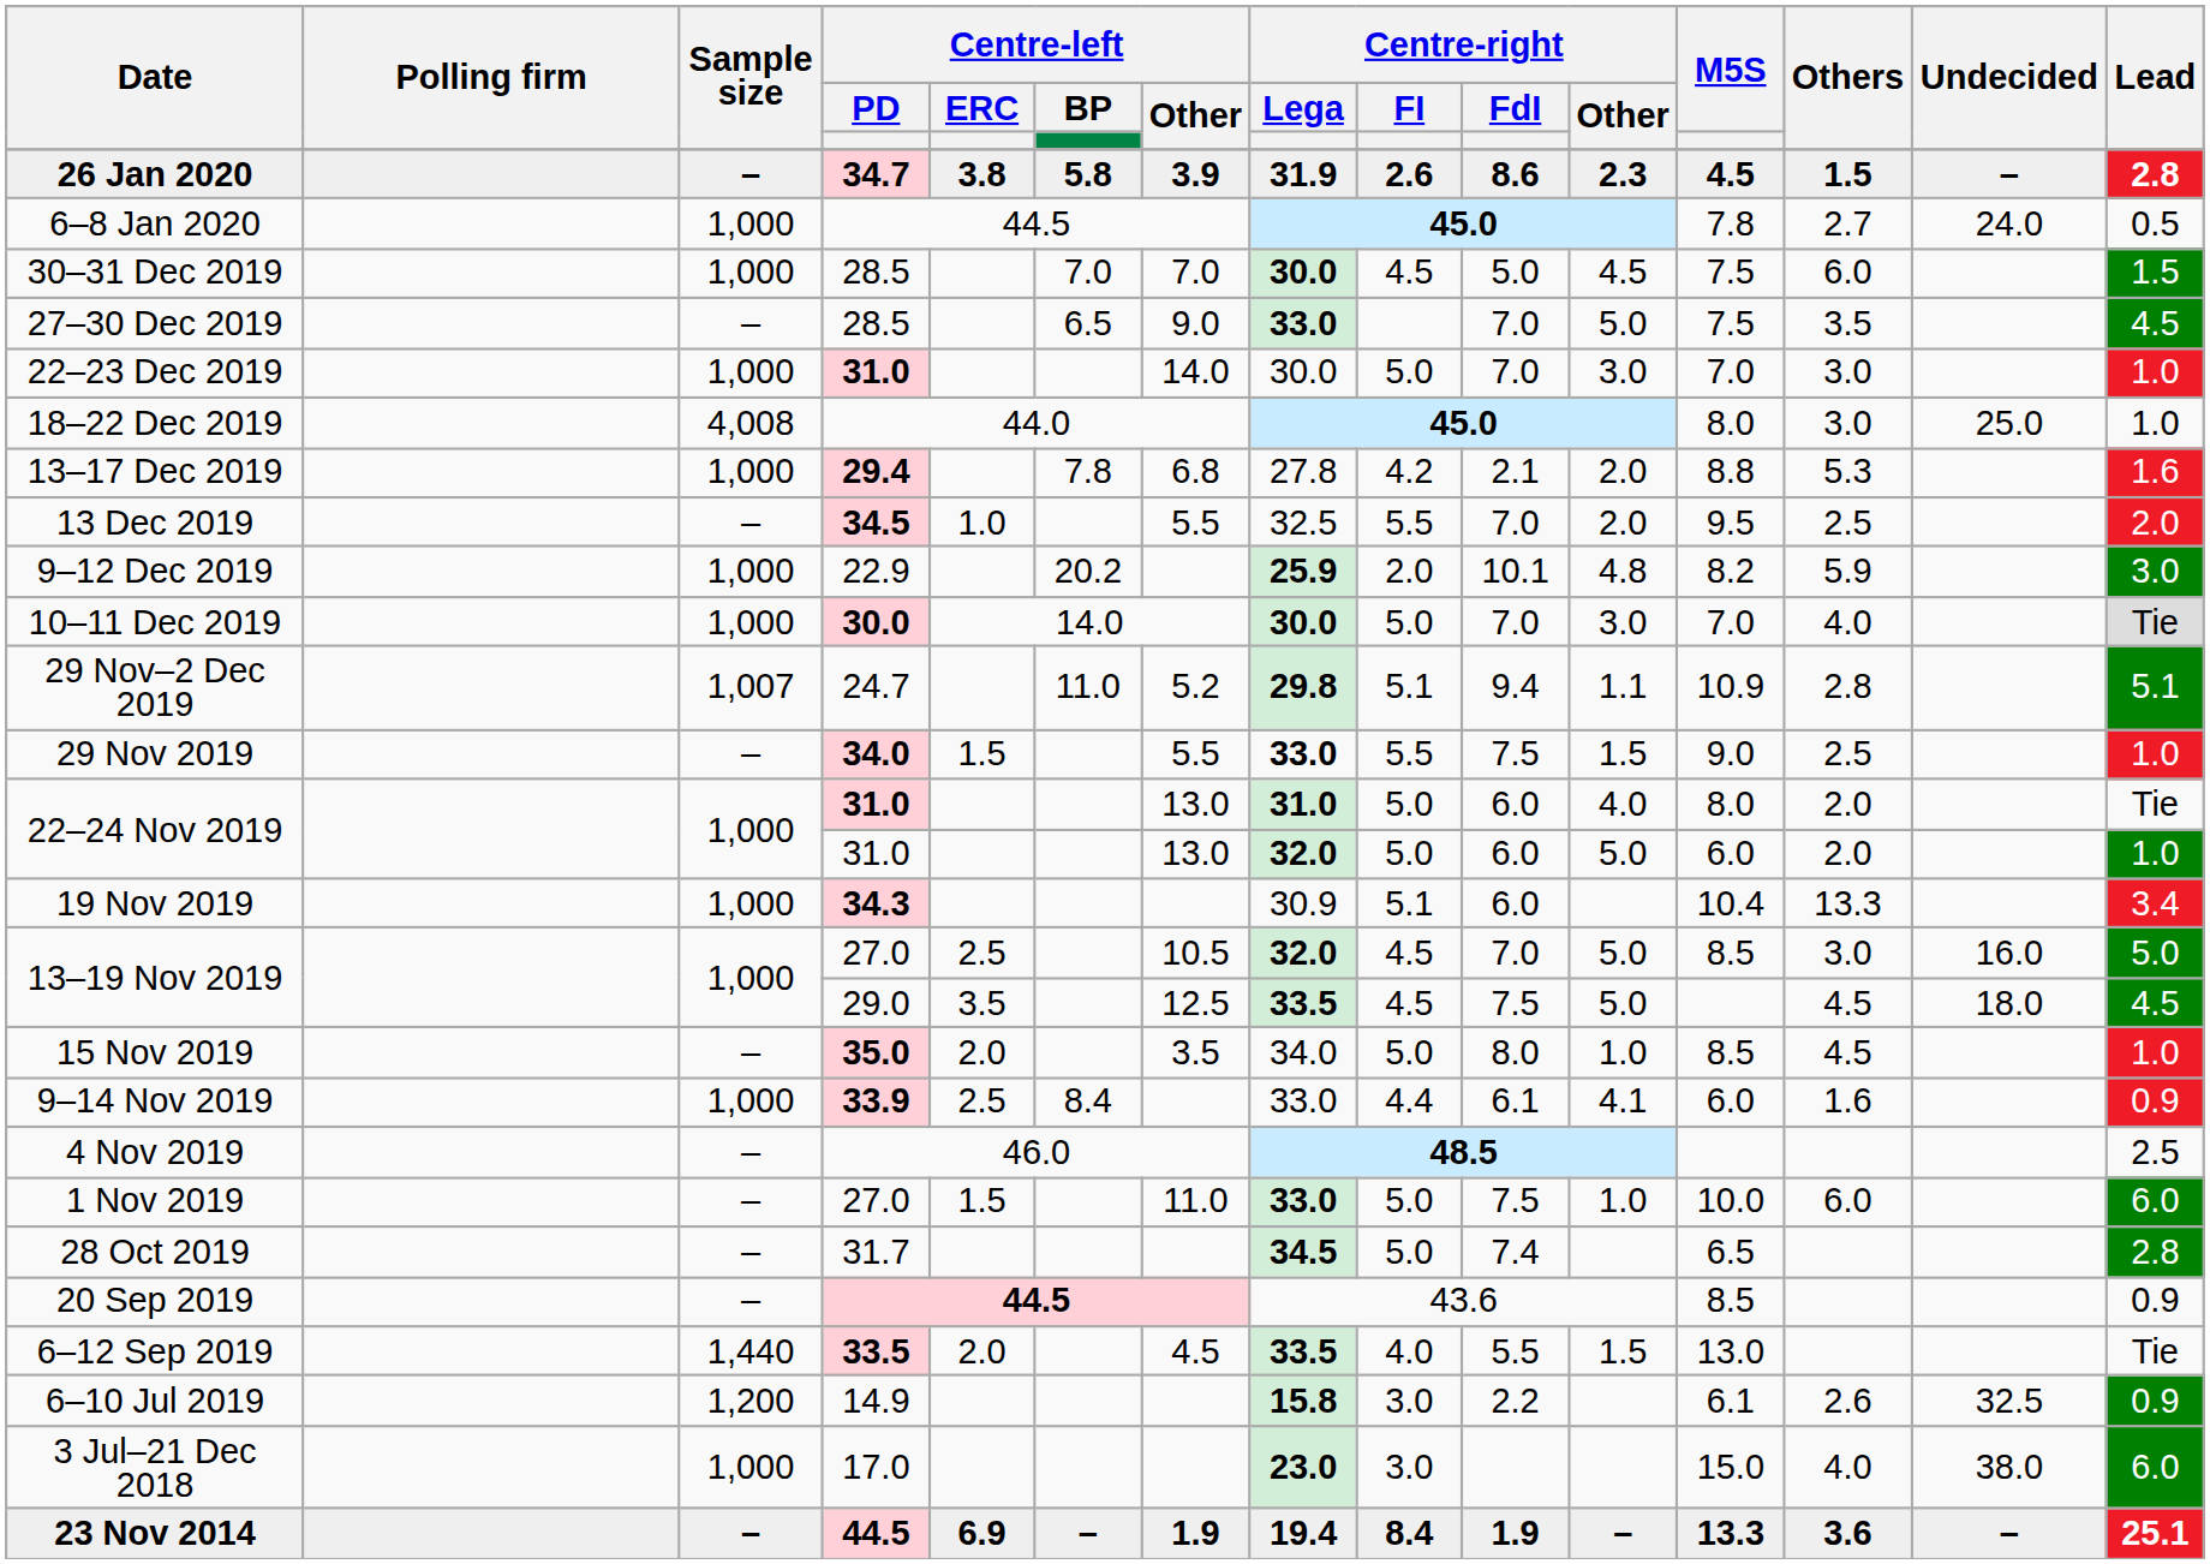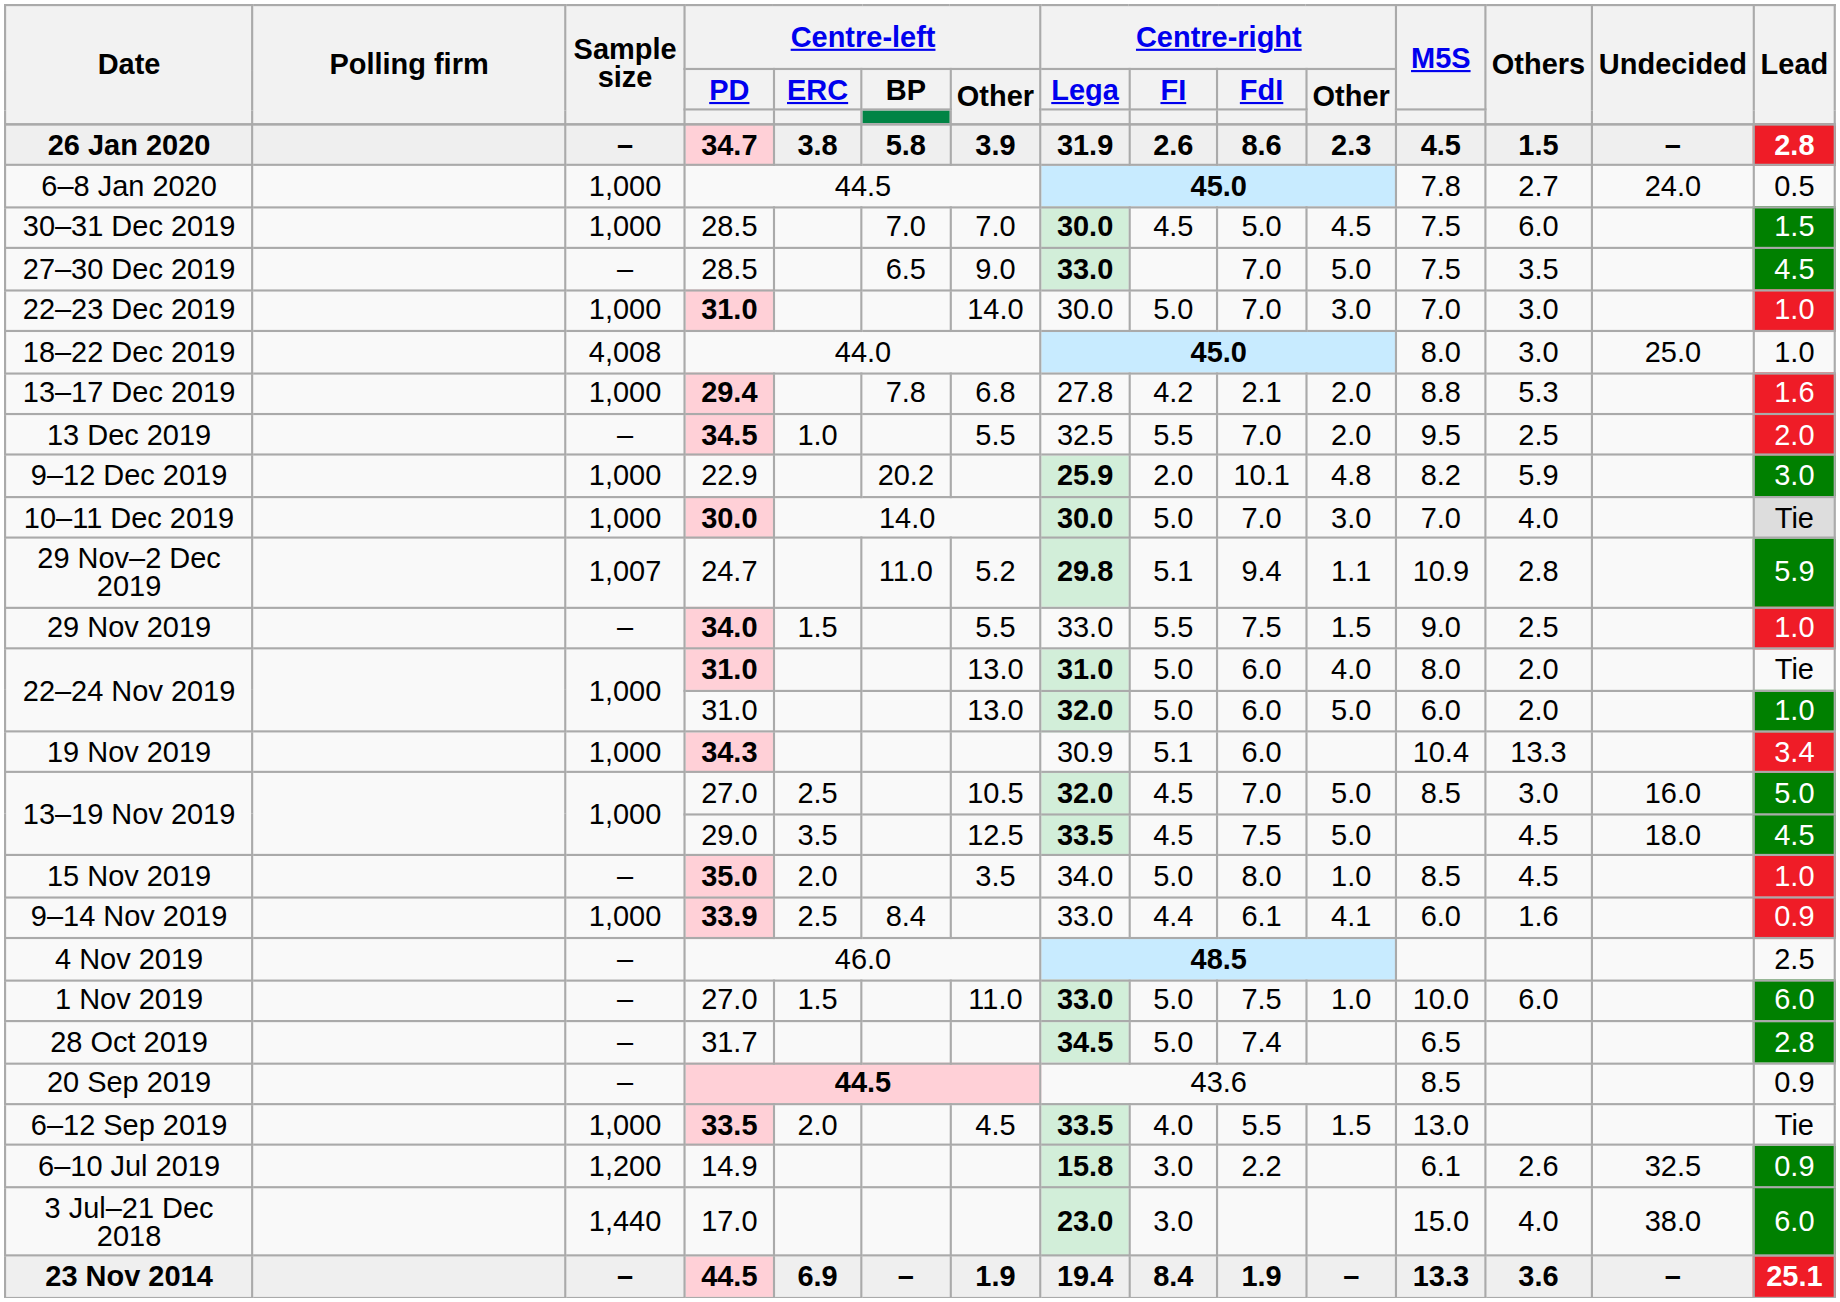 <table class="wikitable collapsible collapsed" style="text-align:center;font-size:85%;line-height:13px">
 <tr style="height:30px; background-color:#E9E9E9">
 <th style="width:110px;" rowspan="3">Date</th>
 <th style="width:140px;" rowspan="3">Polling firm</th>
 <th style="width:50px;" rowspan="3">Sample size</th>
 <th colspan="4" style="width:35px;"><a href='#'>Centre-left</a></th>
 <th colspan="4" style="width:35px;"><a href='#'>Centre-right</a></th>
 <th rowspan="2" style="width:35px;"><a href='#'>M5S</a></th>
 <th style="width:35px;" rowspan="3">Others</th>
 <th style="width:35px;" rowspan="3">Undecided</th>
 <th style="width:25px;" rowspan="3">Lead</th>
 </tr>
 <tr>
 <th style="width:35px;"><a href='#'>PD</a></th>
 <th style="width:35px;"><a href='#'>ERC</a></th>
 <th style="width:35px;">BP</th>
 <th rowspan="2" style="width:35px;">Other</th>
 <th style="width:35px;"><a href='#'>Lega</a></th>
 <th style="width:35px;"><a href='#'>FI</a></th>
 <th style="width:35px;"><a href='#'>FdI</a></th>
 <th rowspan="2" style="width:35px;">Other</th>
 </tr>
 <tr>
 <th style="background:"></th>
 <th style="background:"></th>
 <th style="background:#008445;"></th>
 <th style="background:"></th>
 <th style="background:"></th>
 <th style="background:"></th>
 <th style="background:"></th>
 </tr>
 <tr>
 </tr>
 <tr style="background:#EFEFEF; font-weight:bold;">
 <td>26 Jan 2020</td>
 <td> </td>
 <td>–</td>
 <td style="background:#FFD0D7"><strong>34.7</strong></td>
 <td>3.8</td>
 <td>5.8</td>
 <td>3.9</td>
 <td>31.9</td>
 <td>2.6</td>
 <td>8.6</td>
 <td>2.3</td>
 <td>4.5</td>
 <td>1.5</td>
 <td>–</td>
 <td style="background:#EF1C27; color:white;">2.8</td>
 </tr>
 <tr>
 <td>6–8 Jan 2020</td>
 <td></td>
 <td>1,000</td>
 <td colspan="4">44.5</td>
 <td colspan="4" style="background:#C8EBFF"><strong>45.0</strong></td>
 <td>7.8</td>
 <td>2.7</td>
 <td>24.0</td>
 <td style="background:">0.5</td>
 </tr>
 <tr>
 <td>30–31 Dec 2019</td>
 <td></td>
 <td>1,000</td>
 <td>28.5</td>
 <td></td>
 <td>7.0</td>
 <td>7.0</td>
 <td style="background:#D2EED9"><strong>30.0</strong></td>
 <td>4.5</td>
 <td>5.0</td>
 <td>4.5</td>
 <td>7.5</td>
 <td>6.0</td>
 <td></td>
 <td style="background:#008000; color:white;">1.5</td>
 </tr>
 <tr>
 <td>27–30 Dec 2019</td>
 <td></td>
 <td>–</td>
 <td>28.5</td>
 <td></td>
 <td>6.5</td>
 <td>9.0</td>
 <td style="background:#D2EED9"><strong>33.0</strong></td>
 <td></td>
 <td>7.0</td>
 <td>5.0</td>
 <td>7.5</td>
 <td>3.5</td>
 <td></td>
 <td style="background:#008000; color:white;">4.5</td>
 </tr>
 <tr>
 <td>22–23 Dec 2019</td>
 <td></td>
 <td>1,000</td>
 <td style="background:#FFD0D7"><strong>31.0</strong></td>
 <td></td>
 <td></td>
 <td>14.0</td>
 <td>30.0</td>
 <td>5.0</td>
 <td>7.0</td>
 <td>3.0</td>
 <td>7.0</td>
 <td>3.0</td>
 <td></td>
 <td style="background:#EF1C27; color:white;">1.0</td>
 </tr>
 <tr>
 <td>18–22 Dec 2019</td>
 <td></td>
 <td>4,008</td>
 <td colspan="4">44.0</td>
 <td colspan="4" style="background:#C8EBFF"><strong>45.0</strong></td>
 <td>8.0</td>
 <td>3.0</td>
 <td>25.0</td>
 <td style="background:">1.0</td>
 </tr>
 <tr>
 <td>13–17 Dec 2019</td>
 <td></td>
 <td>1,000</td>
 <td style="background:#FFD0D7"><strong>29.4</strong></td>
 <td></td>
 <td>7.8</td>
 <td>6.8</td>
 <td>27.8</td>
 <td>4.2</td>
 <td>2.1</td>
 <td>2.0</td>
 <td>8.8</td>
 <td>5.3</td>
 <td></td>
 <td style="background:#EF1C27; color:white;">1.6</td>
 </tr>
 <tr>
 <td>13 Dec 2019</td>
 <td> </td>
 <td>–</td>
 <td style="background:#FFD0D7"><strong>34.5</strong></td>
 <td>1.0</td>
 <td></td>
 <td>5.5</td>
 <td>32.5</td>
 <td>5.5</td>
 <td>7.0</td>
 <td>2.0</td>
 <td>9.5</td>
 <td>2.5</td>
 <td></td>
 <td style="background:#EF1C27; color:white;">2.0</td>
 </tr>
 <tr>
 <td>9–12 Dec 2019</td>
 <td></td>
 <td>1,000</td>
 <td>22.9</td>
 <td></td>
 <td>20.2</td>
 <td></td>
 <td style="background:#D2EED9"><strong>25.9</strong></td>
 <td>2.0</td>
 <td>10.1</td>
 <td>4.8</td>
 <td>8.2</td>
 <td>5.9</td>
 <td></td>
 <td style="background:#008000; color:white;">3.0</td>
 </tr>
 <tr>
 <td>10–11 Dec 2019</td>
 <td></td>
 <td>1,000</td>
 <td style="background:#FFD0D7"><strong>30.0</strong></td>
 <td colspan="3">14.0</td>
 <td style="background:#D2EED9"><strong>30.0</strong></td>
 <td>5.0</td>
 <td>7.0</td>
 <td>3.0</td>
 <td>7.0</td>
 <td>4.0</td>
 <td></td>
 <td style="background:#dddddd; color:black;">Tie</td>
 </tr>
 <tr>
 <td>29 Nov–2 Dec 2019</td>
 <td></td>
 <td>1,007</td>
 <td>24.7</td>
 <td></td>
 <td>11.0</td>
 <td>5.2</td>
 <td style="background:#D2EED9"><strong>29.8</strong></td>
 <td>5.1</td>
 <td>9.4</td>
 <td>1.1</td>
 <td>10.9</td>
 <td>2.8</td>
 <td></td>
-<td style="background:#008000; color:white;">5.1</td>
+<td style="background:#008000; color:white;">5.9</td>
 </tr>
 <tr>
 <td>29 Nov 2019</td>
 <td></td>
 <td>–</td>
 <td style="background:#FFD0D7"><strong>34.0</strong></td>
 <td>1.5</td>
 <td></td>
 <td>5.5</td>
-<td><strong>33.0</strong></td>
+<td>33.0</td>
 <td>5.5</td>
 <td>7.5</td>
 <td>1.5</td>
 <td>9.0</td>
 <td>2.5</td>
 <td></td>
 <td style="background:#EF1C27; color:white;">1.0</td>
 </tr>
 <tr>
 <td rowspan="2">22–24 Nov 2019</td>
 <td rowspan="2"></td>
 <td rowspan="2">1,000</td>
 <td style="background:#FFD0D7"><strong>31.0</strong></td>
 <td></td>
 <td></td>
 <td>13.0</td>
 <td style="background:#D2EED9"><strong>31.0</strong></td>
 <td>5.0</td>
 <td>6.0</td>
 <td>4.0</td>
 <td>8.0</td>
 <td>2.0</td>
 <td></td>
 <td>Tie</td>
 </tr>
 <tr>
 <td>31.0</td>
 <td></td>
 <td></td>
 <td>13.0</td>
 <td style="background:#D2EED9"><strong>32.0</strong></td>
 <td>5.0</td>
 <td>6.0</td>
 <td>5.0</td>
 <td>6.0</td>
 <td>2.0</td>
 <td></td>
 <td style="background:#008000; color:white;">1.0</td>
 </tr>
 <tr>
 <td>19 Nov 2019</td>
 <td></td>
 <td>1,000</td>
 <td style="background:#FFD0D7"><strong>34.3</strong></td>
 <td></td>
 <td></td>
 <td></td>
 <td>30.9</td>
 <td>5.1</td>
 <td>6.0</td>
 <td></td>
 <td>10.4</td>
 <td>13.3</td>
 <td></td>
 <td style="background:#EF1C27; color:white;">3.4</td>
 </tr>
 <tr>
 <td rowspan="2">13–19 Nov 2019</td>
 <td rowspan="2"></td>
 <td rowspan="2">1,000</td>
 <td>27.0</td>
 <td>2.5</td>
 <td></td>
 <td>10.5</td>
 <td style="background:#D2EED9"><strong>32.0</strong></td>
 <td>4.5</td>
 <td>7.0</td>
 <td>5.0</td>
 <td>8.5</td>
 <td>3.0</td>
 <td>16.0</td>
 <td style="background:#008000; color:white;">5.0</td>
 </tr>
 <tr>
 <td>29.0</td>
 <td>3.5</td>
 <td></td>
 <td>12.5</td>
 <td style="background:#D2EED9"><strong>33.5</strong></td>
 <td>4.5</td>
 <td>7.5</td>
 <td>5.0</td>
 <td></td>
 <td>4.5</td>
 <td>18.0</td>
 <td style="background:#008000; color:white;">4.5</td>
 </tr>
 <tr>
 <td>15 Nov 2019</td>
 <td></td>
 <td>–</td>
 <td style="background:#FFD0D7"><strong>35.0</strong></td>
 <td>2.0</td>
 <td></td>
 <td>3.5</td>
 <td>34.0</td>
 <td>5.0</td>
 <td>8.0</td>
 <td>1.0</td>
 <td>8.5</td>
 <td>4.5</td>
 <td></td>
 <td style="background:#EF1C27; color:white;">1.0</td>
 </tr>
 <tr>
 <td>9–14 Nov 2019</td>
 <td></td>
 <td>1,000</td>
 <td style="background:#FFD0D7"><strong>33.9</strong></td>
 <td>2.5</td>
 <td>8.4</td>
 <td></td>
 <td>33.0</td>
 <td>4.4</td>
 <td>6.1</td>
 <td>4.1</td>
 <td>6.0</td>
 <td>1.6</td>
 <td></td>
 <td style="background:#EF1C27; color:white;">0.9</td>
 </tr>
 <tr>
 <td>4 Nov 2019</td>
 <td></td>
 <td>–</td>
 <td colspan="4">46.0</td>
 <td colspan="4" style="background:#C8EBFF"><strong>48.5</strong></td>
 <td></td>
 <td></td>
 <td></td>
 <td style="background:">2.5</td>
 </tr>
 <tr>
 <td>1 Nov 2019</td>
 <td> </td>
 <td>–</td>
 <td>27.0</td>
 <td>1.5</td>
 <td></td>
 <td>11.0</td>
 <td style="background:#D2EED9"><strong>33.0</strong></td>
 <td>5.0</td>
 <td>7.5</td>
 <td>1.0</td>
 <td>10.0</td>
 <td>6.0</td>
 <td></td>
 <td style="background:#008000; color:white;">6.0</td>
 </tr>
 <tr>
 <td>28 Oct 2019</td>
 <td></td>
 <td>–</td>
 <td>31.7</td>
 <td></td>
 <td></td>
 <td></td>
 <td style="background:#D2EED9"><strong>34.5</strong></td>
 <td>5.0</td>
 <td>7.4</td>
 <td></td>
 <td>6.5</td>
 <td></td>
 <td></td>
 <td style="background:#008000; color:white;">2.8</td>
 </tr>
 <tr>
 <td>20 Sep 2019</td>
 <td></td>
 <td>–</td>
 <td colspan="4" style="background:#FFD0D7"><strong>44.5</strong></td>
 <td colspan="4">43.6</td>
 <td>8.5</td>
 <td></td>
 <td></td>
 <td style="background:">0.9</td>
 </tr>
 <tr>
 <td>6–12 Sep 2019</td>
 <td></td>
-<td>1,440</td>
+<td>1,000</td>
 <td style="background:#FFD0D7"><strong>33.5</strong></td>
 <td>2.0</td>
 <td></td>
 <td>4.5</td>
 <td style="background:#D2EED9"><strong>33.5</strong></td>
 <td>4.0</td>
 <td>5.5</td>
 <td>1.5</td>
 <td>13.0</td>
 <td></td>
 <td></td>
 <td>Tie</td>
 </tr>
 <tr>
 <td>6–10 Jul 2019</td>
 <td></td>
 <td>1,200</td>
 <td>14.9</td>
 <td></td>
 <td></td>
 <td></td>
 <td style="background:#D2EED9"><strong>15.8</strong></td>
 <td>3.0</td>
 <td>2.2</td>
 <td></td>
 <td>6.1</td>
 <td>2.6</td>
 <td>32.5</td>
 <td style="background:#008000; color:white;">0.9</td>
 </tr>
 <tr>
 <td>3 Jul–21 Dec 2018</td>
 <td></td>
-<td>1,000</td>
+<td>1,440</td>
 <td>17.0</td>
 <td></td>
 <td></td>
 <td></td>
 <td style="background:#D2EED9"><strong>23.0</strong></td>
 <td>3.0</td>
 <td></td>
 <td></td>
 <td>15.0</td>
 <td>4.0</td>
 <td>38.0</td>
 <td style="background:#008000; color:white;">6.0</td>
 </tr>
 <tr style="background:#EFEFEF; font-weight:bold;">
 <td>23 Nov 2014</td>
 <td></td>
 <td>–</td>
 <td style="background:#FFD0D7"><strong>44.5</strong></td>
 <td>6.9</td>
 <td>–</td>
 <td>1.9</td>
 <td>19.4</td>
 <td>8.4</td>
 <td>1.9</td>
 <td>–</td>
 <td>13.3</td>
 <td>3.6</td>
 <td>–</td>
 <td style="background:#EF1C27; color:white;">25.1</td>
 </tr>
 </table>
